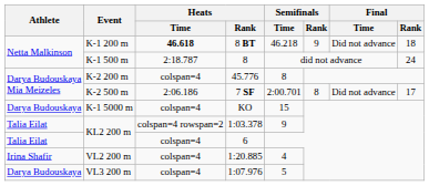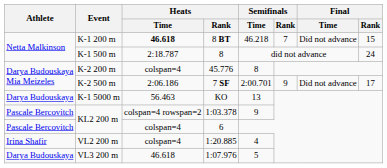 <table class=wikitable style=font-size:90%;text-align:center>
 <tr>
 <th rowspan="2">Athlete</th>
 <th rowspan="2">Event</th>
 <th colspan=2>Heats</th>
 <th colspan=2>Semifinals</th>
 <th colspan=2>Final</th>
 </tr>
 <tr style="font-size:95%">
 <th>Time</th>
 <th>Rank</th>
 <th>Time</th>
 <th>Rank</th>
 <th>Time</th>
 <th>Rank</th>
 </tr>
 <tr>
 <td align=left rowspan=2><a href='#'>Netta Malkinson</a></td>
 <td align=left>K-1 200 m</td>
 <td><strong>46.618</strong></td>
 <td>8 <strong>BT</strong></td>
 <td>46.218</td>
-<td>9</td>
+<td>7</td>
 <td>Did not advance</td>
-<td>18</td>
+<td>15</td>
 </tr>
 <tr>
 <td align=left>K-1 500 m</td>
 <td>2:18.787</td>
 <td>8</td>
 <td colspan=3>did not advance</td>
 <td>24</td>
 </tr>
 <tr>
 <td align=left rowspan=2><a href='#'>Darya Budouskaya</a><br><a href='#'>Mia Meizeles</a></td>
 <td align=left>K-2 200 m</td>
 <td>colspan=4 </td>
 <td>45.776</td>
 <td>8</td>
 </tr>
 <tr>
 <td align=left>K-2 500 m</td>
 <td>2:06.186</td>
 <td>7 <strong>SF</strong></td>
 <td>2:00.701</td>
-<td>8</td>
+<td>9</td>
 <td>Did not advance</td>
 <td>17</td>
 </tr>
 <tr>
 <td align=left><a href='#'>Darya Budouskaya</a></td>
 <td align=left>K-1 5000 m</td>
-<td>colspan=4 </td>
+<td>56.463</td>
 <td>KO</td>
-<td>15</td>
+<td>13</td>
 </tr>
 <tr>
-<td align=left><a href='#'>Talia Eilat</a></td>
+<td align=left><a href='#'>Pascale Bercovitch</a></td>
 <td align=left rowspan=2>KL2 200 m</td>
 <td>colspan=4 rowspan=2 </td>
 <td>1:03.378</td>
 <td>9</td>
 </tr>
 <tr>
-<td align=left><a href='#'>Talia Eilat</a></td>
+<td align=left><a href='#'>Pascale Bercovitch</a></td>
 <td>colspan=4 </td>
 <td>6</td>
 </tr>
 <tr>
 <td align=left><a href='#'>Irina Shafir</a></td>
 <td align=left>VL2 200 m</td>
 <td>colspan=4 </td>
 <td>1:20.885</td>
 <td>4</td>
 </tr>
 <tr>
 <td align=left><a href='#'>Darya Budouskaya</a></td>
 <td align=left>VL3 200 m</td>
-<td>colspan=4 </td>
+<td>46.618</td>
 <td>1:07.976</td>
 <td>5</td>
 </tr>
 </table>
